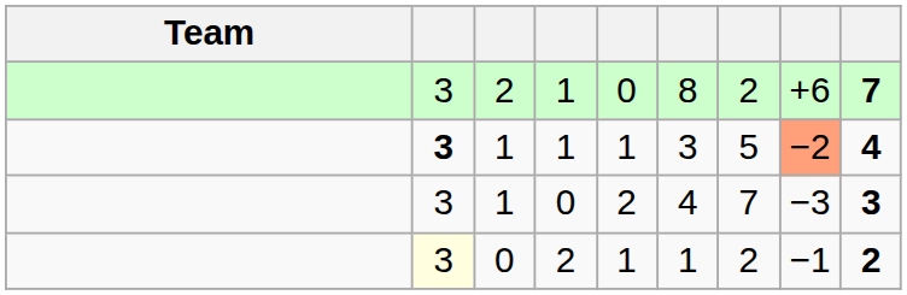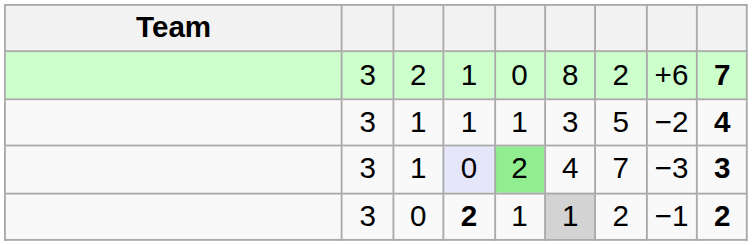 <table class="wikitable" style="text-align: center;">
 <tr>
 <th width=175>Team</th>
 <th width=20></th>
 <th width=20></th>
 <th width=20></th>
 <th width=20></th>
 <th width=20></th>
 <th width=20></th>
 <th width=20></th>
 <th width=20></th>
 </tr>
 <tr bgcolor=ccffcc>
 <td style="text-align:left;"></td>
 <td>3</td>
 <td>2</td>
 <td>1</td>
 <td>0</td>
 <td>8</td>
 <td>2</td>
 <td>+6</td>
 <td><strong>7</strong></td>
 </tr>
 <tr>
 <td style="text-align:left;"></td>
-<td><strong>3</strong></td>
+<td>3</td>
 <td>1</td>
 <td>1</td>
 <td>1</td>
 <td>3</td>
 <td>5</td>
-<td style="background: lightsalmon;">−2</td>
+<td>−2</td>
 <td><strong>4</strong></td>
 </tr>
 <tr>
 <td style="text-align:left;"></td>
 <td>3</td>
 <td>1</td>
-<td>0</td>
-<td>2</td>
+<td style="background: lavender;">0</td>
+<td style="background: lightgreen;">2</td>
 <td>4</td>
 <td>7</td>
 <td>−3</td>
 <td><strong>3</strong></td>
 </tr>
 <tr>
 <td style="text-align:left;"></td>
-<td style="background: lightyellow;">3</td>
+<td>3</td>
 <td>0</td>
-<td>2</td>
+<td><strong>2</strong></td>
 <td>1</td>
-<td>1</td>
+<td style="background: lightgrey;">1</td>
 <td>2</td>
 <td>−1</td>
 <td><strong>2</strong></td>
 </tr>
 </table>
